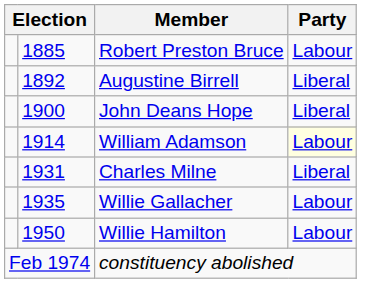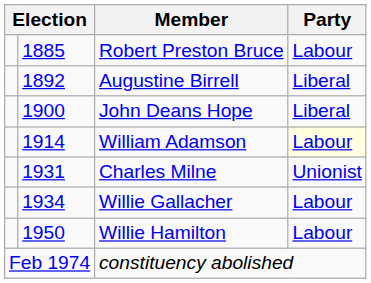 <table class="wikitable">
 <tr>
 <th colspan="2">Election</th>
 <th>Member</th>
 <th>Party</th>
 </tr>
 <tr>
 <td style="color:inherit;background-color: "></td>
 <td><a href='#'>1885</a></td>
 <td><a href='#'>Robert Preston Bruce</a></td>
 <td><a href='#'>Labour</a></td>
 </tr>
 <tr>
 <td style="color:inherit;background-color: "></td>
 <td><a href='#'>1892</a></td>
 <td><a href='#'>Augustine Birrell</a></td>
 <td><a href='#'>Liberal</a></td>
 </tr>
 <tr>
 <td style="color:inherit;background-color: "></td>
 <td><a href='#'>1900</a></td>
 <td><a href='#'>John Deans Hope</a></td>
 <td><a href='#'>Liberal</a></td>
 </tr>
 <tr>
 <td style="color:inherit;background-color: "></td>
 <td><a href='#'>1914</a></td>
 <td><a href='#'>William Adamson</a></td>
 <td style="background: lightyellow;"><a href='#'>Labour</a></td>
 </tr>
 <tr>
 <td style="color:inherit;background-color: "></td>
 <td><a href='#'>1931</a></td>
 <td><a href='#'>Charles Milne</a></td>
-<td><a href='#'>Liberal</a></td>
+<td><a href='#'>Unionist</a></td>
 </tr>
 <tr>
 <td style="color:inherit;background-color: "></td>
-<td><a href='#'>1935</a></td>
+<td><a href='#'>1934</a></td>
 <td><a href='#'>Willie Gallacher</a></td>
 <td><a href='#'>Labour</a></td>
 </tr>
 <tr>
 <td style="color:inherit;background-color: "></td>
 <td><a href='#'>1950</a></td>
 <td><a href='#'>Willie Hamilton</a></td>
 <td><a href='#'>Labour</a></td>
 </tr>
 <tr>
 <td colspan="2" align ="center"><a href='#'>Feb 1974</a></td>
 <td colspan="2"><em>constituency abolished</em></td>
 </tr>
 </table>
